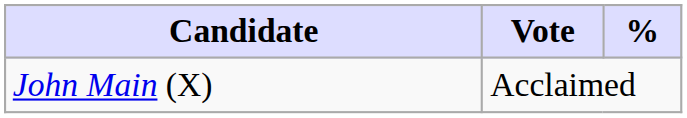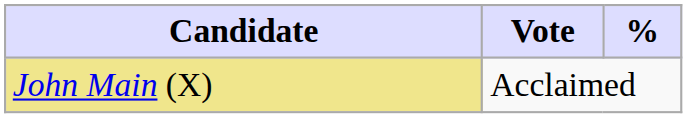 <table class="wikitable">
 <tr>
 <th style="background:#ddf; width:220px;">Candidate</th>
 <th style="background:#ddf; width:50px;">Vote</th>
 <th style="background:#ddf; width:30px;">%</th>
 </tr>
 <tr>
-<td><em><a href='#'>John Main</a></em> (X)</td>
+<td style="background: khaki;"><em><a href='#'>John Main</a></em> (X)</td>
 <td colspan="2">Acclaimed</td>
 </tr>
 </table>
